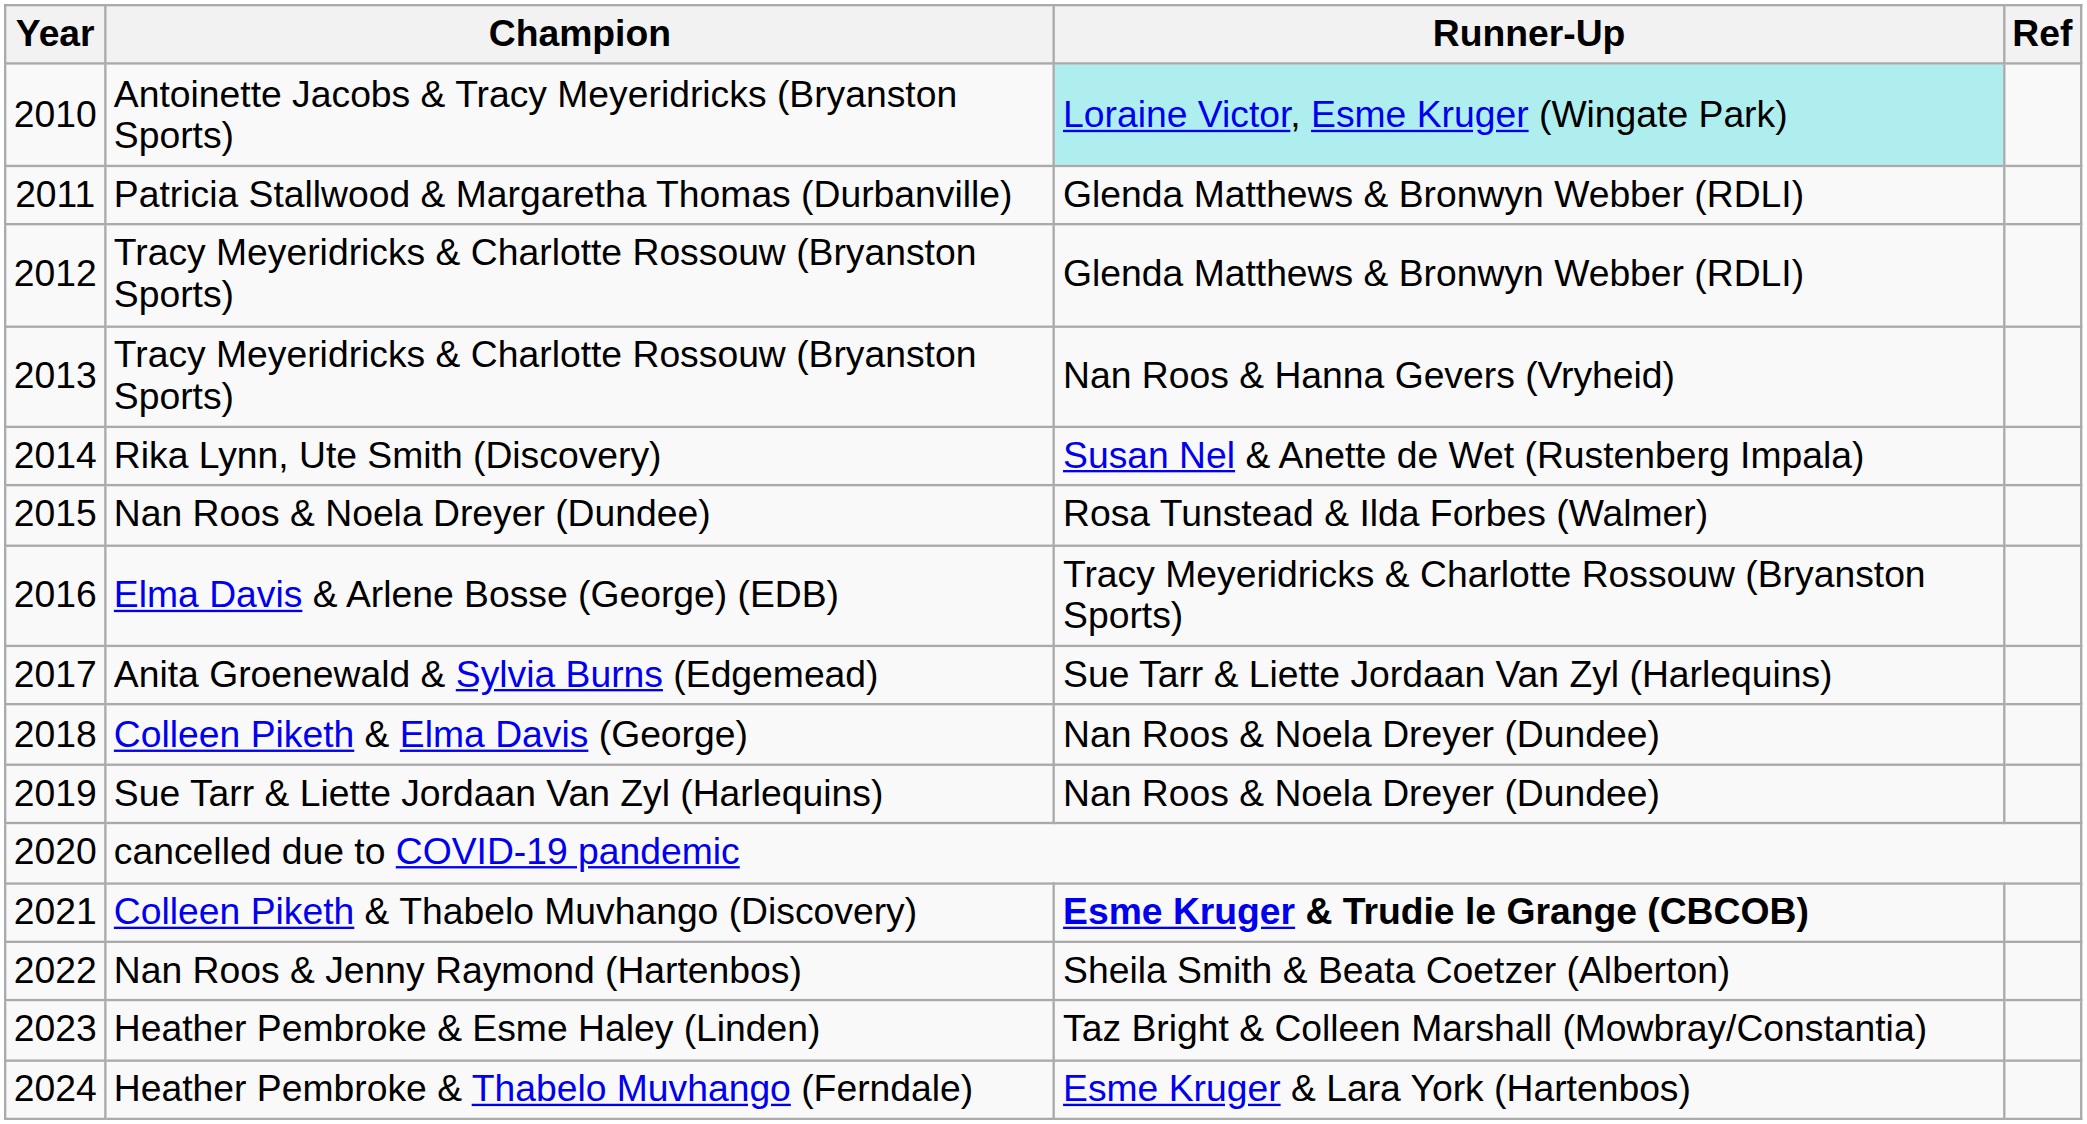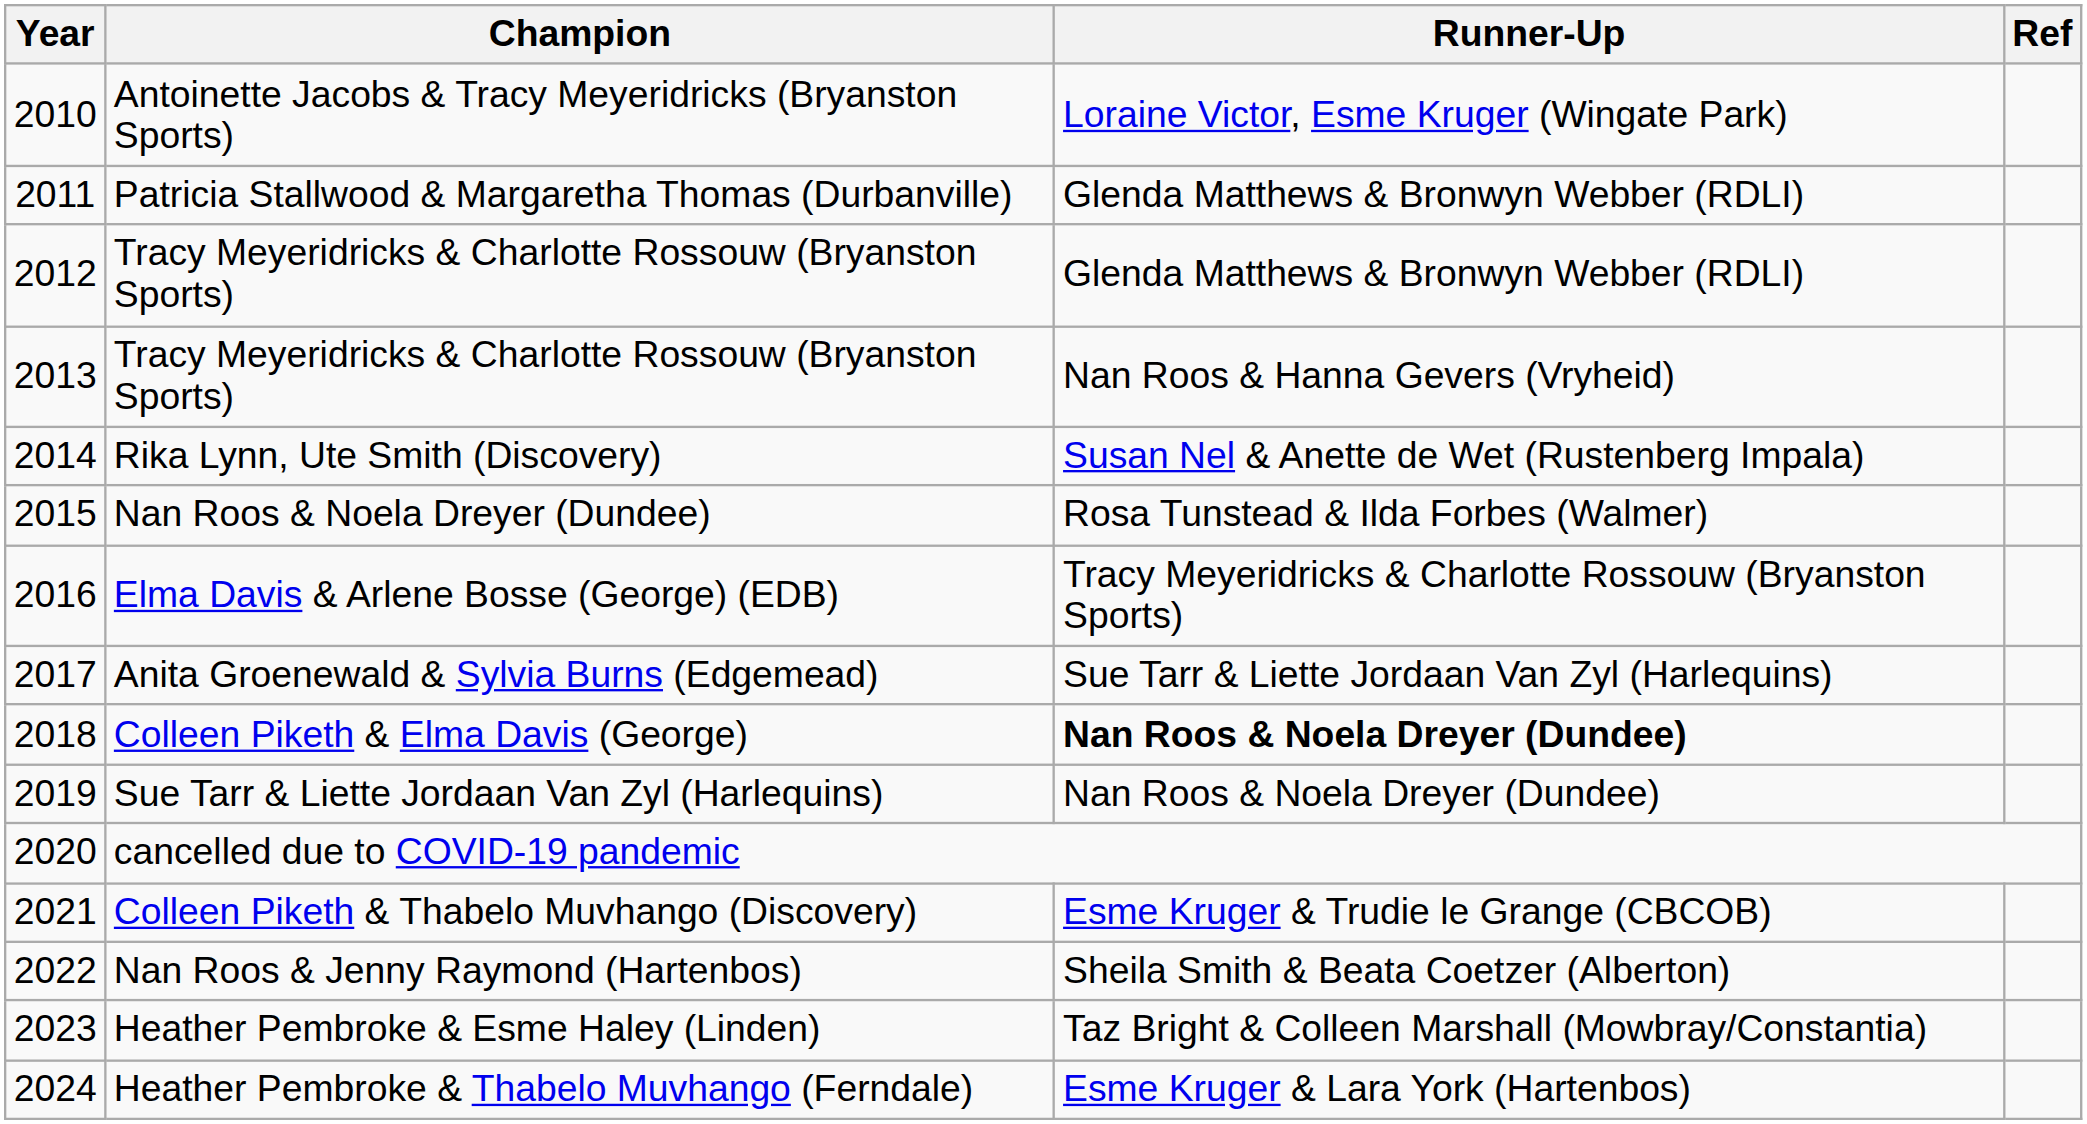 <table class="sortable wikitable">
 <tr>
 <th width="30">Year</th>
 <th width="400">Champion</th>
 <th width="400">Runner-Up</th>
 <th width="20">Ref</th>
 </tr>
 <tr>
 <td align=center>2010</td>
 <td>Antoinette Jacobs & Tracy Meyeridricks (Bryanston Sports)</td>
-<td style="background: paleturquoise;"><a href='#'>Loraine Victor</a>, <a href='#'>Esme Kruger</a> (Wingate Park)</td>
+<td><a href='#'>Loraine Victor</a>, <a href='#'>Esme Kruger</a> (Wingate Park)</td>
 <td></td>
 </tr>
 <tr>
 <td align=center>2011</td>
 <td>Patricia Stallwood & Margaretha Thomas (Durbanville)</td>
 <td>Glenda Matthews & Bronwyn Webber (RDLI)</td>
 <td></td>
 </tr>
 <tr>
 <td align=center>2012</td>
 <td>Tracy Meyeridricks & Charlotte Rossouw (Bryanston Sports)</td>
 <td>Glenda Matthews & Bronwyn Webber (RDLI)</td>
 <td></td>
 </tr>
 <tr>
 <td align=center>2013</td>
 <td>Tracy Meyeridricks & Charlotte Rossouw (Bryanston Sports)</td>
 <td>Nan Roos & Hanna Gevers (Vryheid)</td>
 <td></td>
 </tr>
 <tr>
 <td align=center>2014</td>
 <td>Rika Lynn, Ute Smith (Discovery)</td>
 <td><a href='#'>Susan Nel</a> & Anette de Wet (Rustenberg Impala)</td>
 <td></td>
 </tr>
 <tr>
 <td align=center>2015</td>
 <td>Nan Roos & Noela Dreyer (Dundee)</td>
 <td>Rosa Tunstead & Ilda Forbes (Walmer)</td>
 <td></td>
 </tr>
 <tr>
 <td align=center>2016</td>
 <td><a href='#'>Elma Davis</a> & Arlene Bosse (George) (EDB)</td>
 <td>Tracy Meyeridricks & Charlotte Rossouw (Bryanston Sports)</td>
 <td></td>
 </tr>
 <tr>
 <td align=center>2017</td>
 <td>Anita Groenewald & <a href='#'>Sylvia Burns</a> (Edgemead)</td>
 <td>Sue Tarr & Liette Jordaan Van Zyl (Harlequins)</td>
 <td></td>
 </tr>
 <tr>
 <td align=center>2018</td>
 <td><a href='#'>Colleen Piketh</a> & <a href='#'>Elma Davis</a> (George)</td>
-<td>Nan Roos & Noela Dreyer (Dundee)</td>
+<td><strong>Nan Roos & Noela Dreyer (Dundee)</strong></td>
 <td></td>
 </tr>
 <tr>
 <td align=center>2019</td>
 <td>Sue Tarr & Liette Jordaan Van Zyl (Harlequins)</td>
 <td>Nan Roos & Noela Dreyer (Dundee)</td>
 <td></td>
 </tr>
 <tr>
 <td align=center>2020</td>
 <td colspan=3>cancelled due to  <a href='#'>COVID-19 pandemic</a></td>
 </tr>
 <tr>
 <td align=center>2021</td>
 <td><a href='#'>Colleen Piketh</a> & Thabelo Muvhango (Discovery)</td>
-<td><strong><a href='#'>Esme Kruger</a> & Trudie le Grange (CBCOB)</strong></td>
+<td><a href='#'>Esme Kruger</a> & Trudie le Grange (CBCOB)</td>
 <td></td>
 </tr>
 <tr>
 <td align=center>2022</td>
 <td>Nan Roos & Jenny Raymond (Hartenbos)</td>
 <td>Sheila Smith & Beata Coetzer (Alberton)</td>
 <td></td>
 </tr>
 <tr>
 <td align=center>2023</td>
 <td>Heather Pembroke & Esme Haley (Linden)</td>
 <td>Taz Bright & Colleen Marshall (Mowbray/Constantia)</td>
 <td></td>
 </tr>
 <tr>
 <td align=center>2024</td>
 <td>Heather Pembroke & <a href='#'>Thabelo Muvhango</a> (Ferndale)</td>
 <td><a href='#'>Esme Kruger</a> & Lara York (Hartenbos)</td>
 </tr>
 </table>
